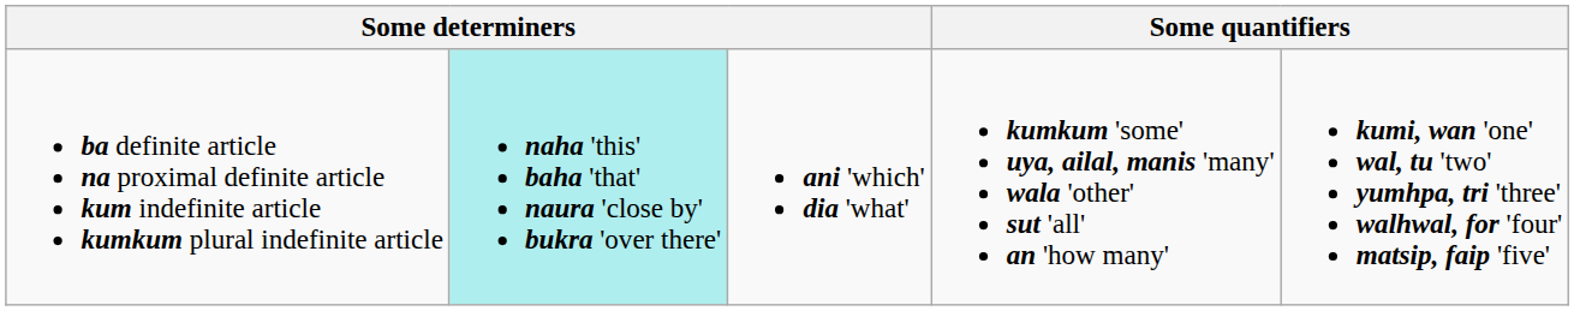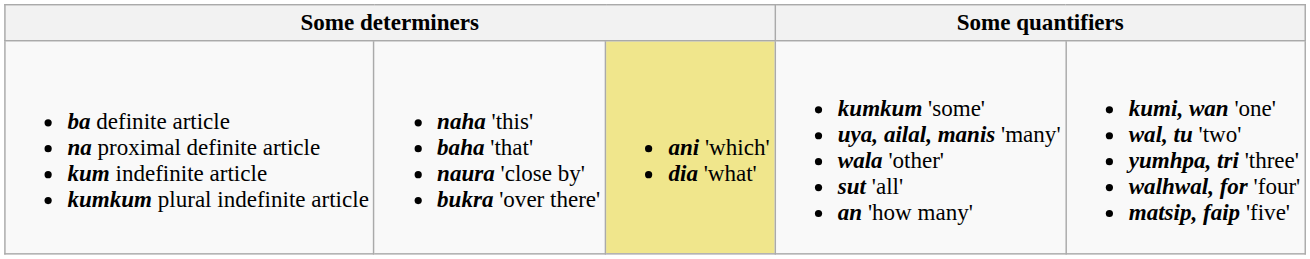 <table class="wikitable" style="margin:1em auto 1em auto;">
 <tr>
 <th colspan="3" style="text-align:center;">Some determiners</th>
 <th colspan="2" style="text-align:center;">Some quantifiers</th>
 </tr>
 <tr>
 <td><br><ul><li><strong><em>ba</em></strong> definite article</li><li><strong><em>na</em></strong> proximal definite article</li><li><strong><em>kum</em></strong> indefinite article</li><li><strong><em>kumkum</em></strong> plural indefinite article</li></ul></td>
-<td style="background: paleturquoise;"><br><ul><li><strong><em>naha</em></strong> 'this'</li><li><strong><em>baha</em></strong> 'that'</li><li><strong><em>naura</em></strong> 'close by'</li><li><strong><em>bukra</em></strong> 'over there'</li></ul></td>
-<td><br><ul><li><strong><em>ani</em></strong> 'which'</li><li><strong><em>dia</em></strong> 'what'</li></ul></td>
+<td><br><ul><li><strong><em>naha</em></strong> 'this'</li><li><strong><em>baha</em></strong> 'that'</li><li><strong><em>naura</em></strong> 'close by'</li><li><strong><em>bukra</em></strong> 'over there'</li></ul></td>
+<td style="background: khaki;"><br><ul><li><strong><em>ani</em></strong> 'which'</li><li><strong><em>dia</em></strong> 'what'</li></ul></td>
 <td><br><ul><li><strong><em>kumkum</em></strong> 'some'</li><li><strong><em>uya, ailal, manis</em></strong> 'many'</li><li><strong><em>wala</em></strong> 'other'</li><li><strong><em>sut</em></strong> 'all'</li><li><strong><em>an</em></strong> 'how many'</li></ul></td>
 <td><br><ul><li><strong><em>kumi, wan</em></strong> 'one'</li><li><strong><em>wal, tu</em></strong> 'two'</li><li><strong><em>yumhpa, tri</em></strong> 'three'</li><li><strong><em>walhwal, for</em></strong> 'four'</li><li><strong><em>matsip, faip</em></strong> 'five'</li></ul></td>
 </tr>
 </table>
